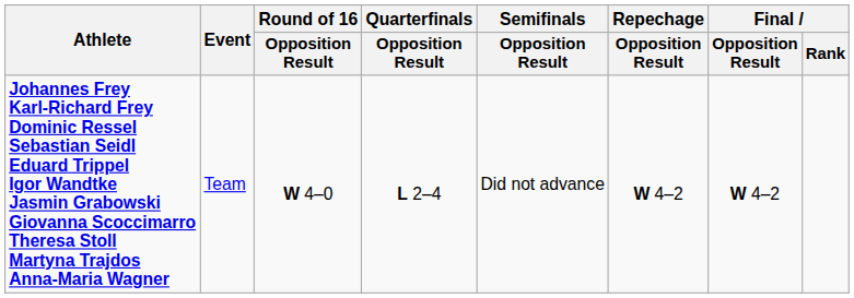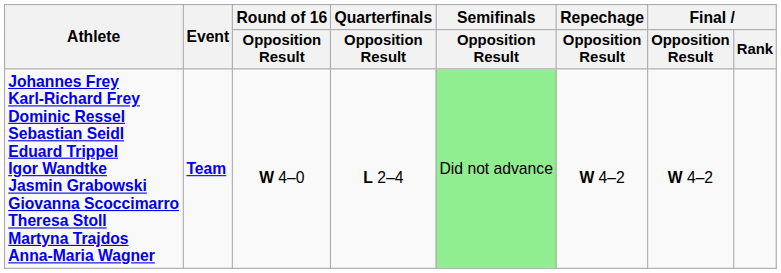 <table class="wikitable" style="font-size:90%">
 <tr>
 <th rowspan="2">Athlete</th>
 <th rowspan="2">Event</th>
 <th>Round of 16</th>
 <th>Quarterfinals</th>
 <th>Semifinals</th>
 <th>Repechage</th>
 <th colspan=2>Final / </th>
 </tr>
 <tr style="font-size:95%">
 <th>Opposition<br>Result</th>
 <th>Opposition<br>Result</th>
 <th>Opposition<br>Result</th>
 <th>Opposition<br>Result</th>
 <th>Opposition<br>Result</th>
 <th>Rank</th>
 </tr>
 <tr align=center>
 <td align=left><strong><a href='#'>Johannes Frey</a><br><a href='#'>Karl-Richard Frey</a><br><a href='#'>Dominic Ressel</a><br><a href='#'>Sebastian Seidl</a><br><a href='#'>Eduard Trippel</a><br><a href='#'>Igor Wandtke</a><br><a href='#'>Jasmin Grabowski</a><br><a href='#'>Giovanna Scoccimarro</a><br><a href='#'>Theresa Stoll</a><br><a href='#'>Martyna Trajdos</a><br><a href='#'>Anna-Maria Wagner</a></strong></td>
-<td align=left><a href='#'>Team</a></td>
+<td align=left><strong><a href='#'>Team</a></strong></td>
 <td><br><strong>W</strong> 4–0</td>
 <td><br><strong>L</strong> 2–4</td>
-<td>Did not advance</td>
+<td style="background: lightgreen;">Did not advance</td>
 <td><br><strong>W</strong> 4–2</td>
 <td><br><strong>W</strong> 4–2</td>
 <td></td>
 </tr>
 </table>
